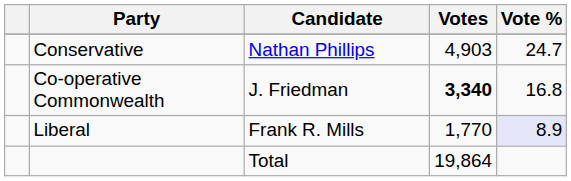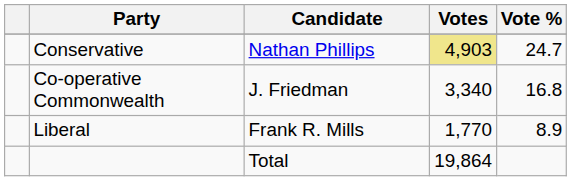 <table class="wikitable">
 <tr>
 <th></th>
 <th scope="col" width="175">Party</th>
 <th scope="col" width="150">Candidate</th>
 <th>Votes</th>
 <th>Vote %</th>
 </tr>
 <tr>
 </tr>
 <tr>
 <td>   </td>
 <td>Conservative</td>
 <td><a href='#'>Nathan Phillips</a></td>
-<td align=right>4,903</td>
+<td align=right style="background: khaki;">4,903</td>
 <td align=right>24.7</td>
 </tr>
 <tr>
 <td>   </td>
 <td>Co-operative Commonwealth</td>
 <td>J. Friedman</td>
-<td align=right><strong>3,340</strong></td>
+<td align=right>3,340</td>
 <td align=right>16.8</td>
 </tr>
 <tr>
 <td>   </td>
 <td>Liberal</td>
 <td>Frank R. Mills</td>
 <td align=right>1,770</td>
-<td align=right style="background: lavender;">8.9</td>
+<td align=right>8.9</td>
 </tr>
 <tr>
 <td></td>
 <td></td>
 <td>Total</td>
 <td align=right>19,864</td>
 <td></td>
 </tr>
 </table>
